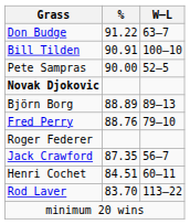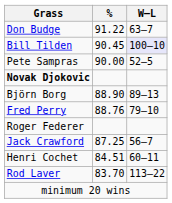 <table class=wikitable style="display:inline-table;">
 <tr>
 <th>Grass</th>
 <th>%</th>
 <th>W–L</th>
 </tr>
 <tr>
 <td> <a href='#'>Don Budge</a></td>
 <td>91.22</td>
 <td>63–7</td>
 </tr>
 <tr>
 <td> <a href='#'>Bill Tilden</a></td>
-<td>90.91</td>
-<td>100–10</td>
+<td>90.45</td>
+<td style="background: lavender;">100–10</td>
 </tr>
 <tr>
 <td> Pete Sampras</td>
 <td>90.00</td>
 <td>52–5</td>
 </tr>
 <tr>
 <td> <strong>Novak Djokovic</strong></td>
 <td></td>
 </tr>
 <tr>
 <td> Björn Borg</td>
-<td>88.89</td>
+<td>88.90</td>
 <td>89–13</td>
 </tr>
 <tr>
 <td> <a href='#'>Fred Perry</a></td>
 <td>88.76</td>
 <td>79–10</td>
 </tr>
 <tr>
 <td> Roger Federer</td>
 <td></td>
 </tr>
 <tr>
 <td> <a href='#'>Jack Crawford</a></td>
-<td>87.35</td>
+<td>87.25</td>
 <td>56–7</td>
 </tr>
 <tr>
 <td> Henri Cochet</td>
 <td>84.51</td>
 <td>60–11</td>
 </tr>
 <tr>
 <td> <a href='#'>Rod Laver</a></td>
 <td>83.70</td>
 <td>113–22</td>
 </tr>
 <tr>
 <td style="text-align:center;" colspan="4">minimum 20 wins</td>
 </tr>
 </table>
